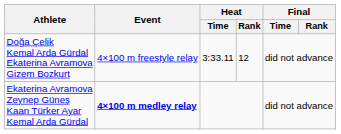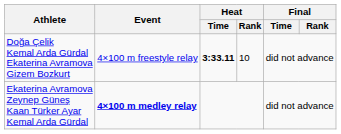 <table class=wikitable style="font-size:90%">
 <tr>
 <th rowspan="2">Athlete</th>
 <th rowspan="2">Event</th>
 <th colspan="2">Heat</th>
 <th colspan="2">Final</th>
 </tr>
 <tr style="font-size:95%">
 <th>Time</th>
 <th>Rank</th>
 <th>Time</th>
 <th>Rank</th>
 </tr>
 <tr align-center>
 <td align=left><a href='#'>Doğa Çelik</a><br><a href='#'>Kemal Arda Gürdal</a><br><a href='#'>Ekaterina Avramova</a><br><a href='#'>Gizem Bozkurt</a></td>
 <td align=left><a href='#'>4×100 m freestyle relay</a></td>
-<td>3:33.11</td>
-<td>12</td>
+<td><strong>3:33.11</strong></td>
+<td>10</td>
 <td colspan=2>did not advance</td>
 </tr>
 <tr align=center>
 <td align=left><a href='#'>Ekaterina Avramova</a><br><a href='#'>Zeynep Güneş</a><br><a href='#'>Kaan Türker Ayar</a><br><a href='#'>Kemal Arda Gürdal</a></td>
 <td align=left><strong><a href='#'>4×100 m medley relay</a></strong></td>
 <td colspan=2></td>
 <td colspan=2>did not advance</td>
 </tr>
 </table>
